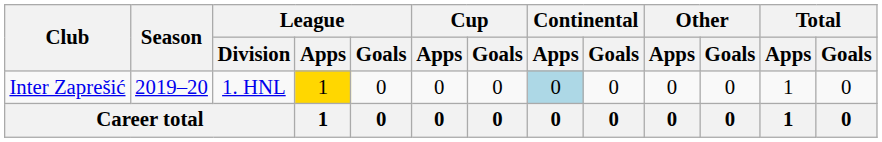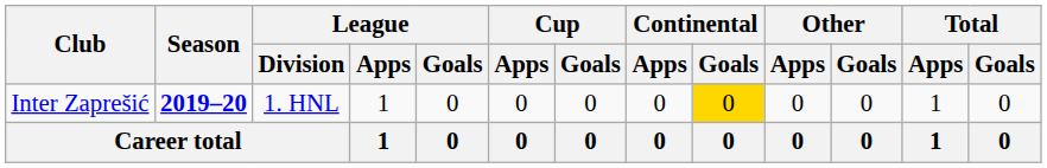 <table class="wikitable" style="text-align: center">
 <tr>
 <th rowspan="2">Club</th>
 <th rowspan="2">Season</th>
 <th colspan="3">League</th>
 <th colspan="2">Cup</th>
 <th colspan="2">Continental</th>
 <th colspan="2">Other</th>
 <th colspan="2">Total</th>
 </tr>
 <tr>
 <th>Division</th>
 <th>Apps</th>
 <th>Goals</th>
 <th>Apps</th>
 <th>Goals</th>
 <th>Apps</th>
 <th>Goals</th>
 <th>Apps</th>
 <th>Goals</th>
 <th>Apps</th>
 <th>Goals</th>
 </tr>
 <tr>
 <td><a href='#'>Inter Zaprešić</a></td>
-<td><a href='#'>2019–20</a></td>
+<td><strong><a href='#'>2019–20</a></strong></td>
 <td><a href='#'>1. HNL</a></td>
-<td style="background: gold;">1</td>
+<td>1</td>
 <td>0</td>
 <td>0</td>
 <td>0</td>
-<td style="background: lightblue;">0</td>
 <td>0</td>
+<td style="background: gold;">0</td>
 <td>0</td>
 <td>0</td>
 <td>1</td>
 <td>0</td>
 </tr>
 <tr>
 <th colspan=3>Career total</th>
 <th>1</th>
 <th>0</th>
 <th>0</th>
 <th>0</th>
 <th>0</th>
 <th>0</th>
 <th>0</th>
 <th>0</th>
 <th>1</th>
 <th>0</th>
 </tr>
 </table>
